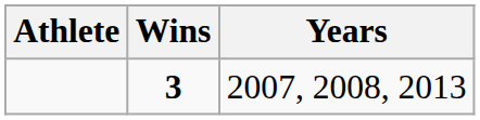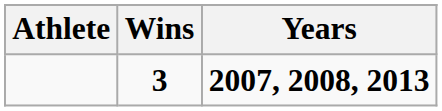 <table class="wikitable">
 <tr>
 </tr>
 <tr>
 <th>Athlete</th>
 <th>Wins</th>
 <th>Years</th>
 </tr>
 <tr>
 <td></td>
 <td align=center><strong>3</strong></td>
-<td>2007, 2008, 2013</td>
+<td><strong>2007, 2008, 2013</strong></td>
 </tr>
 </table>
